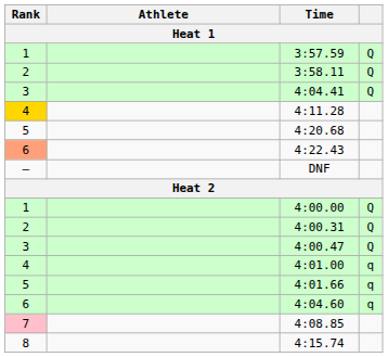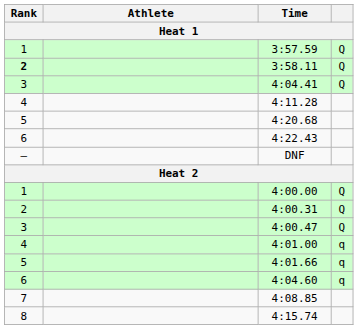 <table class=wikitable style="text-align:center">
 <tr>
 <th width=40>Rank</th>
 <th width=250>Athlete</th>
 <th width=80>Time</th>
 <th width=20></th>
 </tr>
 <tr>
 <th colspan=4>Heat 1</th>
 </tr>
 <tr bgcolor="ccffcc">
 <td>1</td>
 <td align=left></td>
 <td>3:57.59</td>
 <td>Q</td>
 </tr>
 <tr bgcolor="ccffcc">
-<td>2</td>
+<td><strong>2</strong></td>
 <td align=left></td>
 <td>3:58.11</td>
 <td>Q</td>
 </tr>
 <tr bgcolor="ccffcc">
 <td>3</td>
 <td align=left></td>
 <td>4:04.41</td>
 <td>Q</td>
 </tr>
 <tr>
-<td style="background: gold;">4</td>
+<td>4</td>
 <td align=left></td>
 <td>4:11.28</td>
 <td></td>
 </tr>
 <tr>
 <td>5</td>
 <td align=left></td>
 <td>4:20.68</td>
 <td></td>
 </tr>
 <tr>
-<td style="background: lightsalmon;">6</td>
+<td>6</td>
 <td align=left></td>
 <td>4:22.43</td>
 <td></td>
 </tr>
 <tr>
 <td>—</td>
 <td align=left></td>
 <td>DNF</td>
 <td></td>
 </tr>
 <tr>
 <th colspan=4>Heat 2</th>
 </tr>
 <tr bgcolor="ccffcc">
 <td>1</td>
 <td align=left></td>
 <td>4:00.00</td>
 <td>Q</td>
 </tr>
 <tr bgcolor="ccffcc">
 <td>2</td>
 <td align=left></td>
 <td>4:00.31</td>
 <td>Q</td>
 </tr>
 <tr bgcolor="ccffcc">
 <td>3</td>
 <td align=left></td>
 <td>4:00.47</td>
 <td>Q</td>
 </tr>
 <tr bgcolor="ccffcc">
 <td>4</td>
 <td align=left></td>
 <td>4:01.00</td>
 <td>q</td>
 </tr>
 <tr bgcolor="ccffcc">
 <td>5</td>
 <td align=left></td>
 <td>4:01.66</td>
 <td>q</td>
 </tr>
 <tr bgcolor="ccffcc">
 <td>6</td>
 <td align=left></td>
 <td>4:04.60</td>
 <td>q</td>
 </tr>
 <tr>
-<td style="background: pink;">7</td>
+<td>7</td>
 <td align=left></td>
 <td>4:08.85</td>
 <td></td>
 </tr>
 <tr>
 <td>8</td>
 <td align=left></td>
 <td>4:15.74</td>
 <td></td>
 </tr>
 </table>
